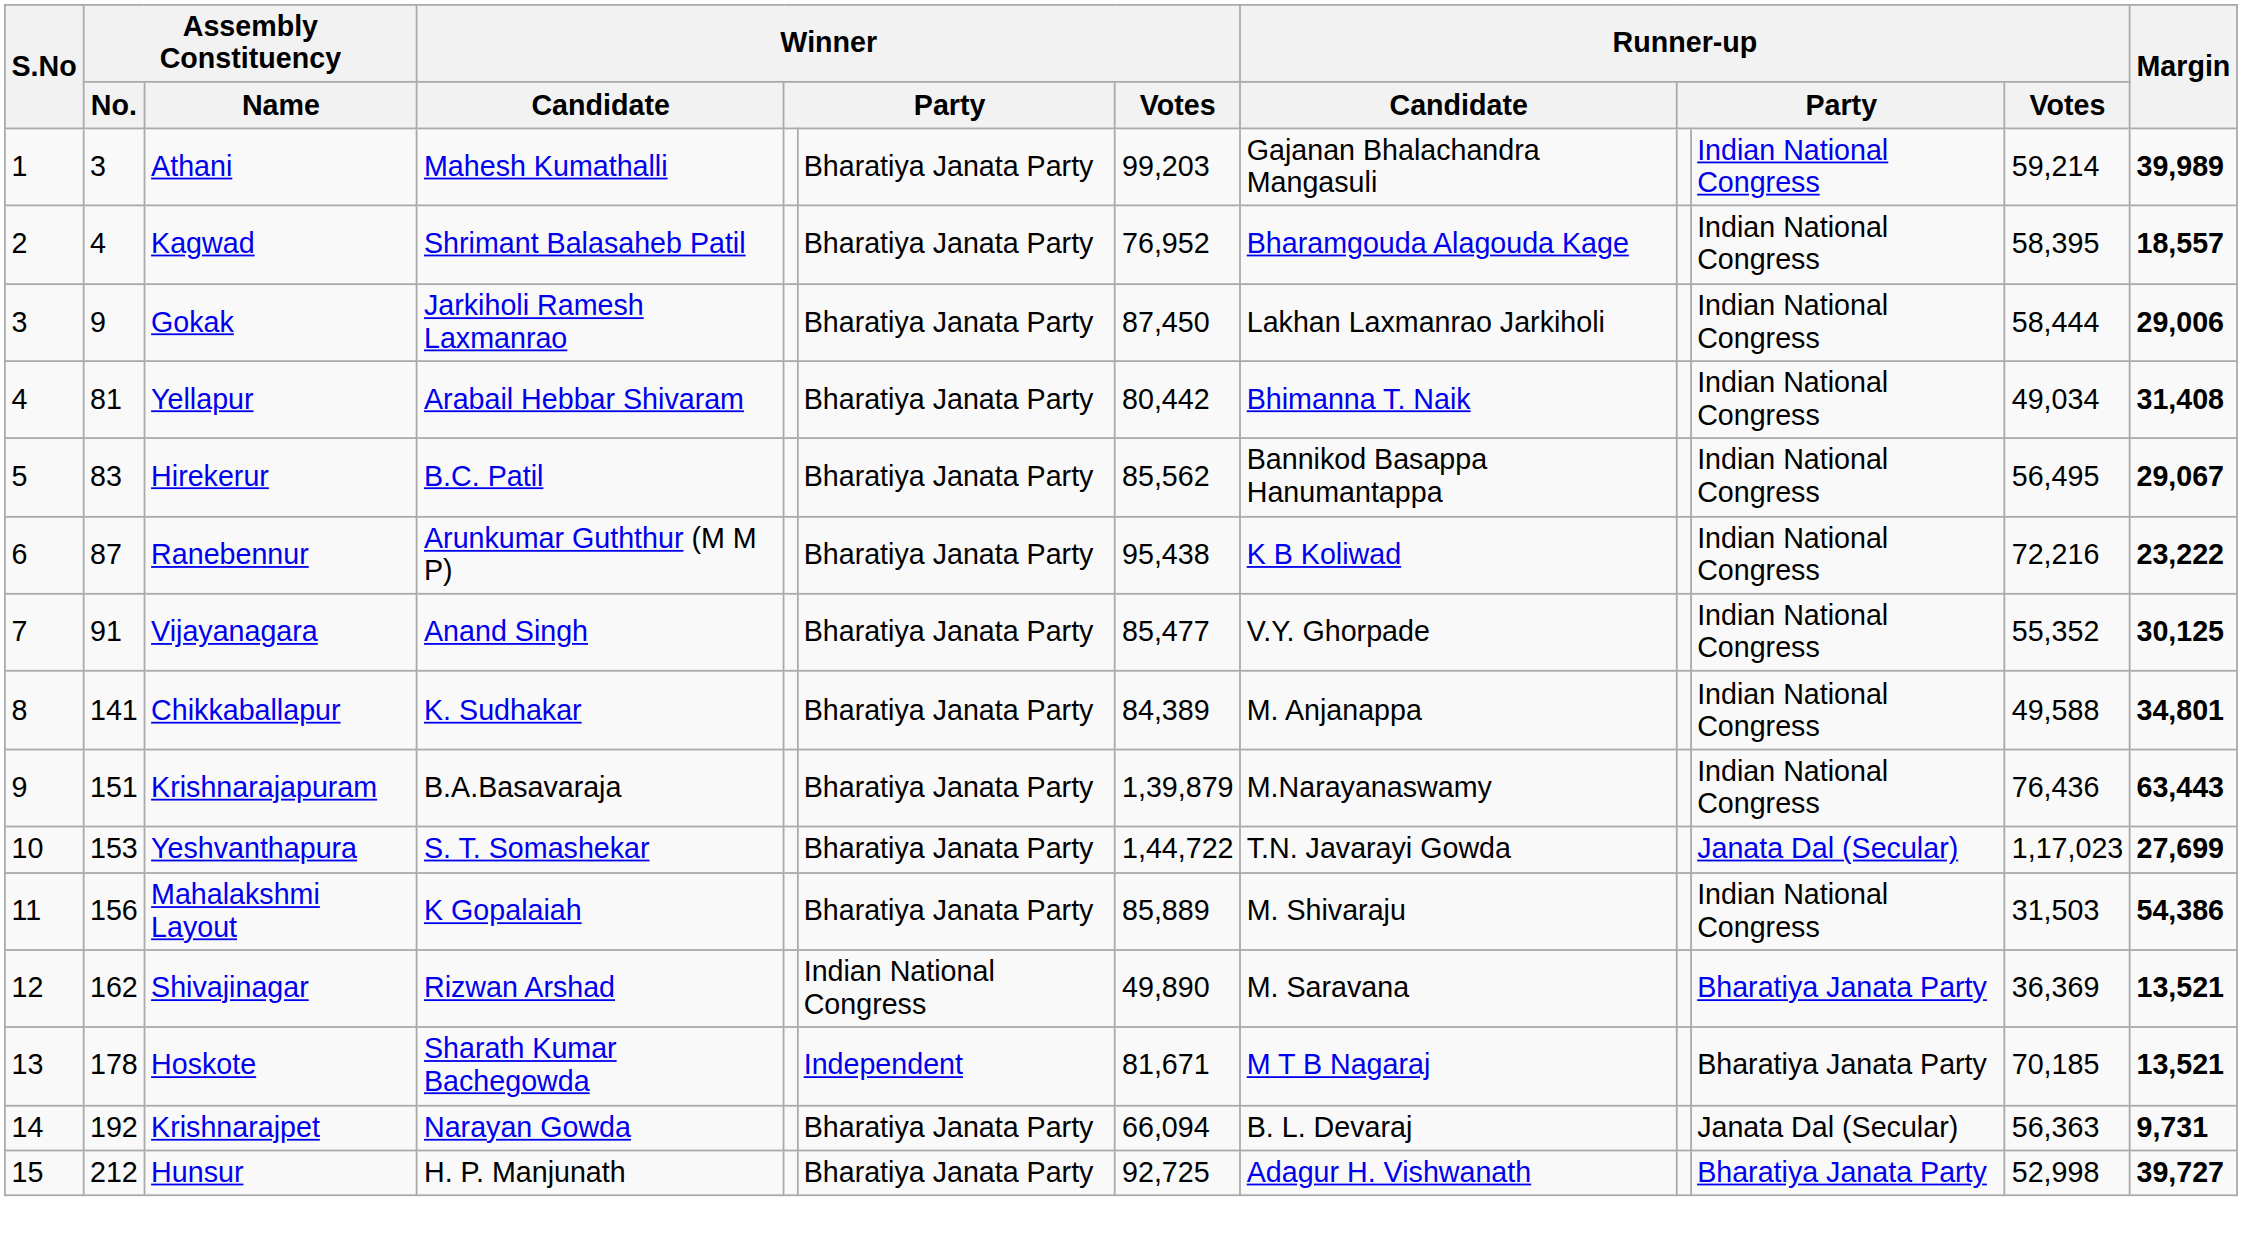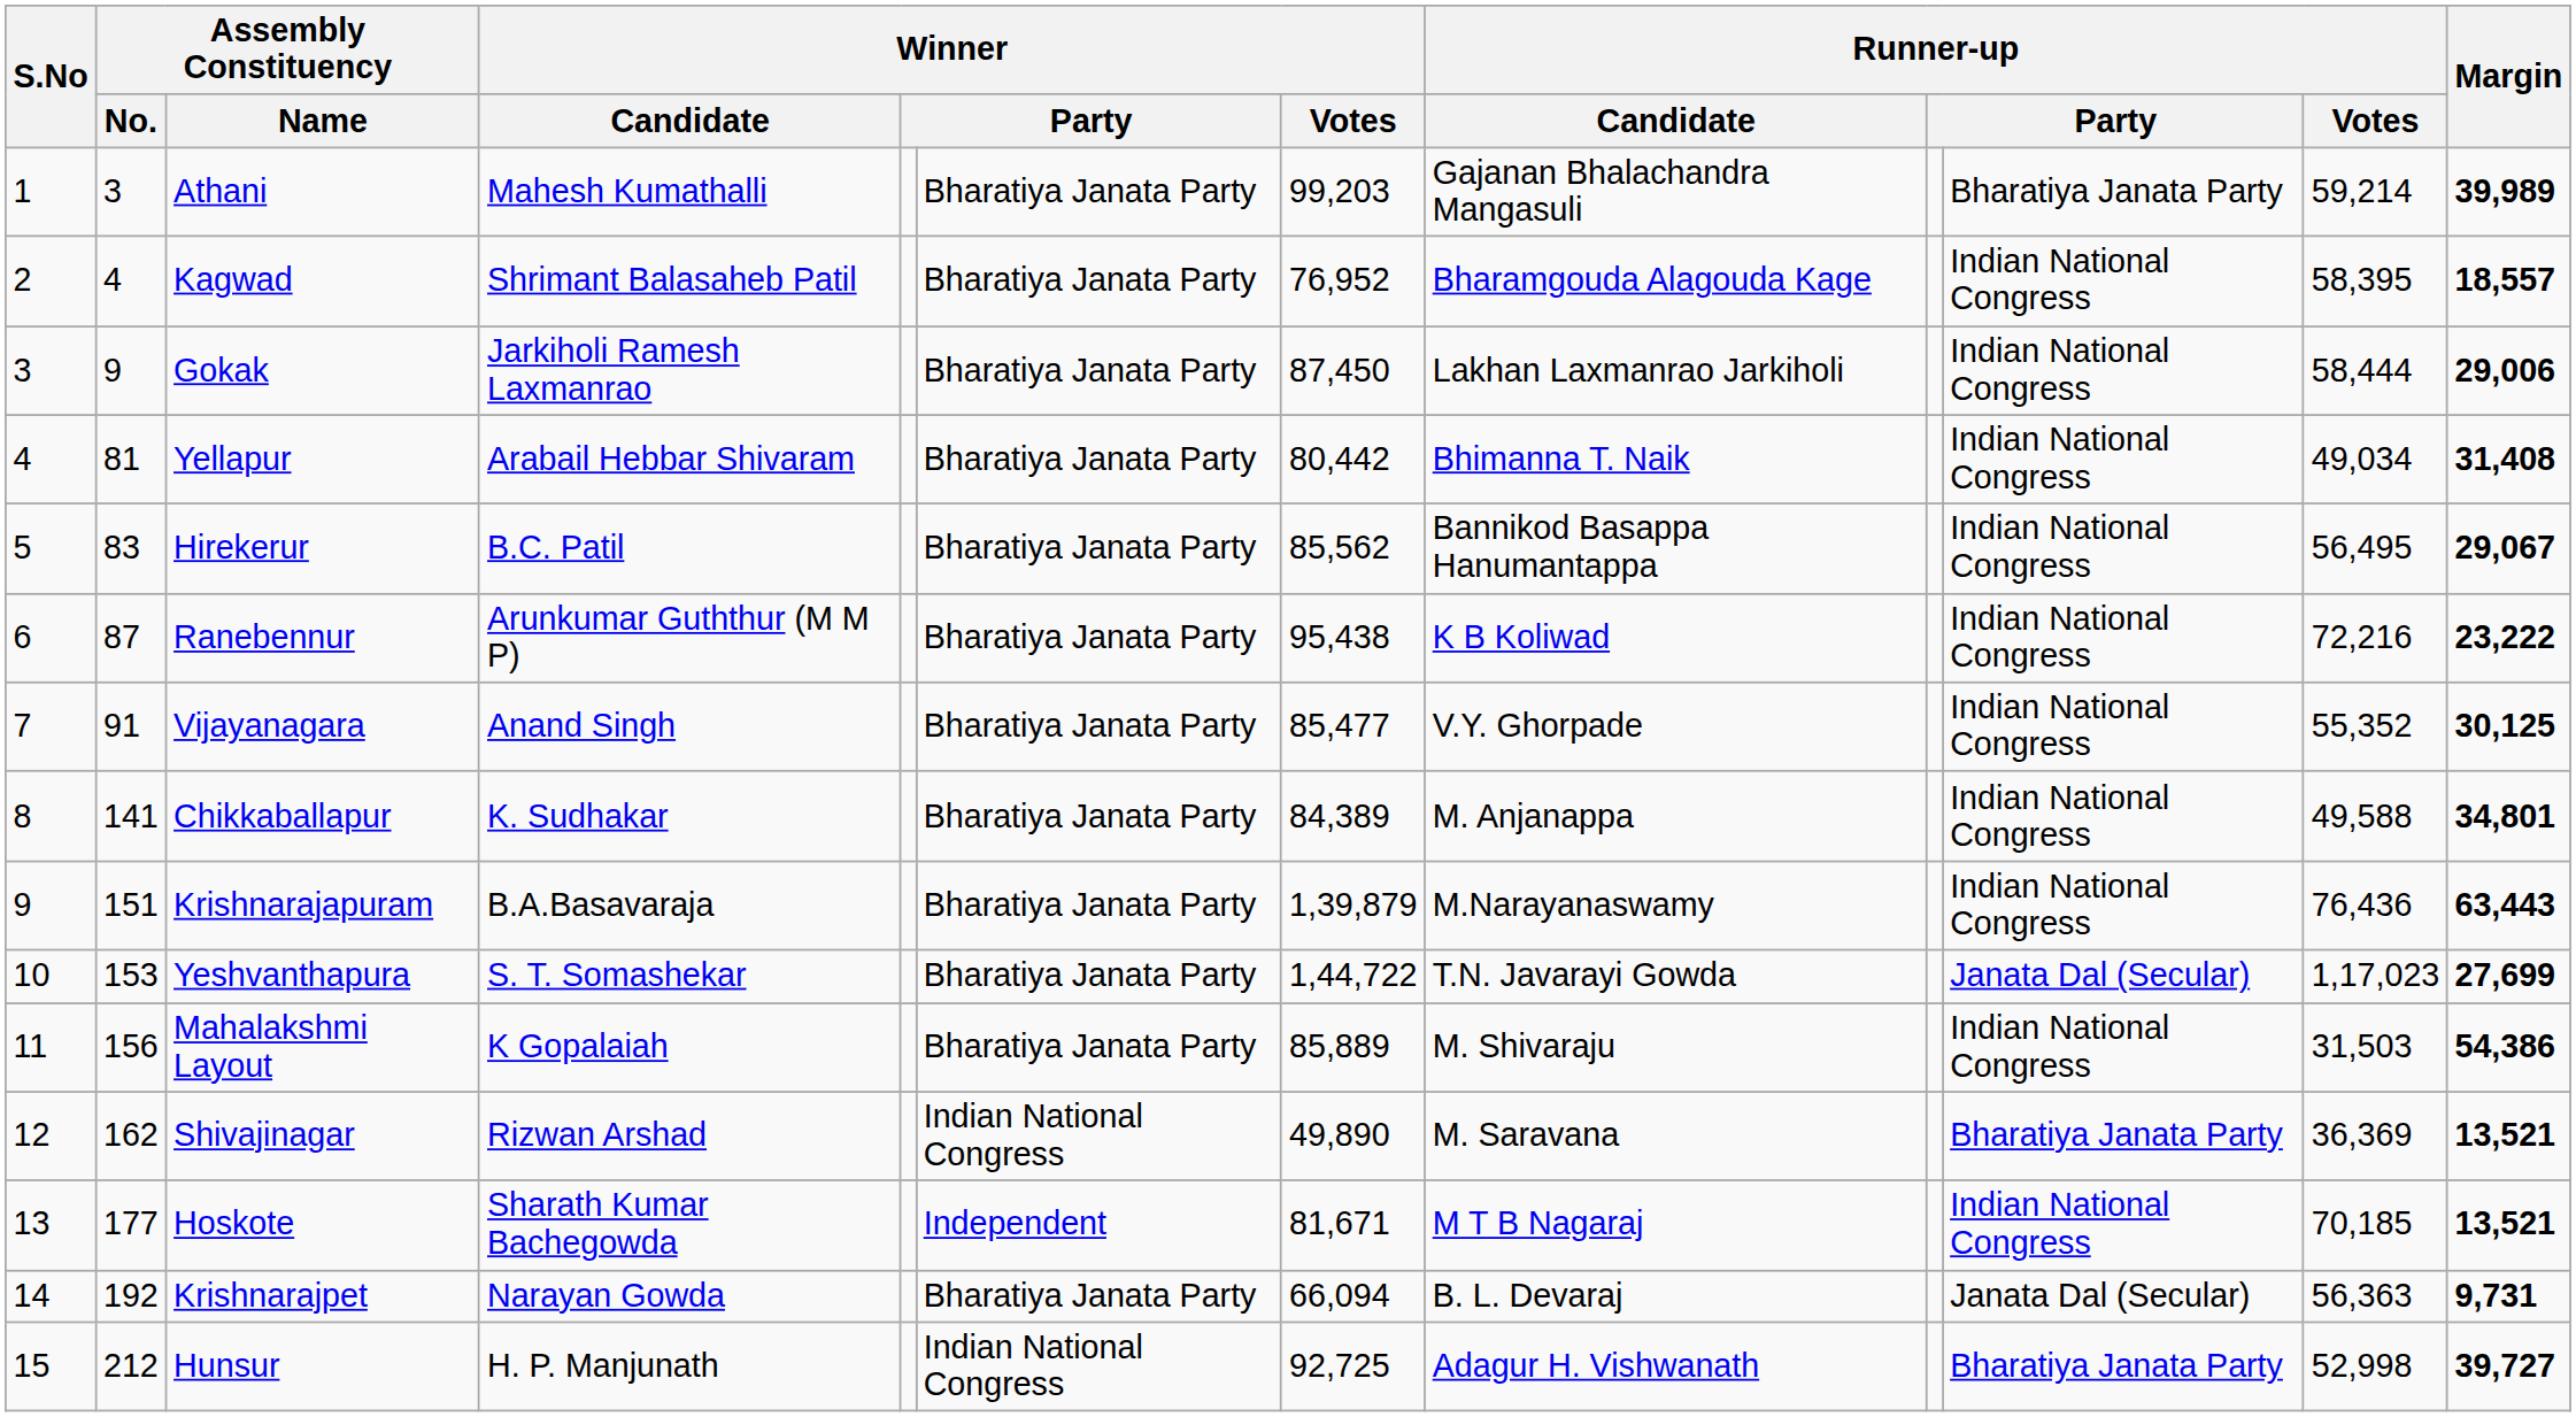 <table class="wikitable sortable">
 <tr>
 <th rowspan="2">S.No</th>
 <th colspan="2">Assembly Constituency</th>
 <th colspan="4">Winner</th>
 <th colspan="4">Runner-up</th>
 <th rowspan="2">Margin</th>
 </tr>
 <tr>
 <th>No.</th>
 <th>Name</th>
 <th>Candidate</th>
 <th colspan="2">Party</th>
 <th>Votes</th>
 <th>Candidate</th>
 <th colspan="2">Party</th>
 <th>Votes</th>
 </tr>
 <tr>
 <td>1</td>
 <td>3</td>
 <td><a href='#'>Athani</a></td>
 <td><a href='#'>Mahesh Kumathalli</a></td>
 <td></td>
 <td>Bharatiya Janata Party</td>
 <td>99,203</td>
 <td>Gajanan Bhalachandra Mangasuli</td>
 <td></td>
-<td><a href='#'>Indian National Congress</a></td>
+<td>Bharatiya Janata Party</td>
 <td>59,214</td>
 <td style="background:"><span><strong>39,989</strong></span></td>
 </tr>
 <tr>
 <td>2</td>
 <td>4</td>
 <td><a href='#'>Kagwad</a></td>
 <td><a href='#'>Shrimant Balasaheb Patil</a></td>
 <td></td>
 <td>Bharatiya Janata Party</td>
 <td>76,952</td>
 <td><a href='#'>Bharamgouda Alagouda Kage</a></td>
 <td></td>
 <td>Indian National Congress</td>
 <td>58,395</td>
 <td style="background:"><span><strong>18,557</strong></span></td>
 </tr>
 <tr>
 <td>3</td>
 <td>9</td>
 <td><a href='#'>Gokak</a></td>
 <td><a href='#'>Jarkiholi Ramesh Laxmanrao</a></td>
 <td></td>
 <td>Bharatiya Janata Party</td>
 <td>87,450</td>
 <td>Lakhan Laxmanrao Jarkiholi</td>
 <td></td>
 <td>Indian National Congress</td>
 <td>58,444</td>
 <td style="background:"><span><strong>29,006</strong></span></td>
 </tr>
 <tr>
 <td>4</td>
 <td>81</td>
 <td><a href='#'>Yellapur</a></td>
 <td><a href='#'>Arabail Hebbar Shivaram</a></td>
 <td></td>
 <td>Bharatiya Janata Party</td>
 <td>80,442</td>
 <td><a href='#'>Bhimanna T. Naik</a></td>
 <td></td>
 <td>Indian National Congress</td>
 <td>49,034</td>
 <td style="background:"><span><strong>31,408</strong></span></td>
 </tr>
 <tr>
 <td>5</td>
 <td>83</td>
 <td><a href='#'>Hirekerur</a></td>
 <td><a href='#'>B.C. Patil</a></td>
 <td></td>
 <td>Bharatiya Janata Party</td>
 <td>85,562</td>
 <td>Bannikod Basappa Hanumantappa</td>
 <td></td>
 <td>Indian National Congress</td>
 <td>56,495</td>
 <td style="background:"><span><strong>29,067</strong></span></td>
 </tr>
 <tr>
 <td>6</td>
 <td>87</td>
 <td><a href='#'>Ranebennur</a></td>
 <td><a href='#'>Arunkumar Guththur</a> (M M P)</td>
 <td></td>
 <td>Bharatiya Janata Party</td>
 <td>95,438</td>
 <td><a href='#'>K B Koliwad</a></td>
 <td></td>
 <td>Indian National Congress</td>
 <td>72,216</td>
 <td style="background:"><span><strong>23,222</strong></span></td>
 </tr>
 <tr>
 <td>7</td>
 <td>91</td>
 <td><a href='#'>Vijayanagara</a></td>
 <td><a href='#'>Anand Singh</a></td>
 <td></td>
 <td>Bharatiya Janata Party</td>
 <td>85,477</td>
 <td>V.Y. Ghorpade</td>
 <td></td>
 <td>Indian National Congress</td>
 <td>55,352</td>
 <td style="background:"><span><strong>30,125</strong></span></td>
 </tr>
 <tr>
 <td>8</td>
 <td>141</td>
 <td><a href='#'>Chikkaballapur</a></td>
 <td><a href='#'>K. Sudhakar</a></td>
 <td></td>
 <td>Bharatiya Janata Party</td>
 <td>84,389</td>
 <td>M. Anjanappa</td>
 <td></td>
 <td>Indian National Congress</td>
 <td>49,588</td>
 <td style="background:"><span><strong>34,801</strong></span></td>
 </tr>
 <tr>
 <td>9</td>
 <td>151</td>
 <td><a href='#'>Krishnarajapuram</a></td>
 <td>B.A.Basavaraja</td>
 <td></td>
 <td>Bharatiya Janata Party</td>
 <td>1,39,879</td>
 <td>M.Narayanaswamy</td>
 <td></td>
 <td>Indian National Congress</td>
 <td>76,436</td>
 <td style="background:"><span><strong>63,443</strong></span></td>
 </tr>
 <tr>
 <td>10</td>
 <td>153</td>
 <td><a href='#'>Yeshvanthapura</a></td>
 <td><a href='#'>S. T. Somashekar</a></td>
 <td></td>
 <td>Bharatiya Janata Party</td>
 <td>1,44,722</td>
 <td>T.N. Javarayi Gowda</td>
 <td></td>
 <td><a href='#'>Janata Dal (Secular)</a></td>
 <td>1,17,023</td>
 <td style="background:"><span><strong>27,699</strong></span></td>
 </tr>
 <tr>
 <td>11</td>
 <td>156</td>
 <td><a href='#'>Mahalakshmi Layout</a></td>
 <td><a href='#'>K Gopalaiah</a></td>
 <td></td>
 <td>Bharatiya Janata Party</td>
 <td>85,889</td>
 <td>M. Shivaraju</td>
 <td></td>
 <td>Indian National Congress</td>
 <td>31,503</td>
 <td style="background:"><span><strong>54,386</strong></span></td>
 </tr>
 <tr>
 <td>12</td>
 <td>162</td>
 <td><a href='#'>Shivajinagar</a></td>
 <td><a href='#'>Rizwan Arshad</a></td>
 <td></td>
 <td>Indian National Congress</td>
 <td>49,890</td>
 <td>M. Saravana</td>
 <td></td>
 <td><a href='#'>Bharatiya Janata Party</a></td>
 <td>36,369</td>
 <td style="background:"><span><strong>13,521</strong></span></td>
 </tr>
 <tr>
 <td>13</td>
-<td>178</td>
+<td>177</td>
 <td><a href='#'>Hoskote</a></td>
 <td><a href='#'>Sharath Kumar Bachegowda</a></td>
 <td></td>
 <td><a href='#'>Independent</a></td>
 <td>81,671</td>
 <td><a href='#'>M T B Nagaraj</a></td>
 <td></td>
-<td>Bharatiya Janata Party</td>
+<td><a href='#'>Indian National Congress</a></td>
 <td>70,185</td>
 <td style="background:"><span><strong>13,521</strong></span></td>
 </tr>
 <tr>
 <td>14</td>
 <td>192</td>
 <td><a href='#'>Krishnarajpet</a></td>
 <td><a href='#'>Narayan Gowda</a></td>
 <td></td>
 <td>Bharatiya Janata Party</td>
 <td>66,094</td>
 <td>B. L. Devaraj</td>
 <td></td>
 <td>Janata Dal (Secular)</td>
 <td>56,363</td>
 <td style="background:"><span><strong>9,731</strong></span></td>
 </tr>
 <tr>
 <td>15</td>
 <td>212</td>
 <td><a href='#'>Hunsur</a></td>
 <td>H. P. Manjunath</td>
 <td></td>
-<td>Bharatiya Janata Party</td>
+<td>Indian National Congress</td>
 <td>92,725</td>
 <td><a href='#'>Adagur H. Vishwanath</a></td>
 <td></td>
 <td><a href='#'>Bharatiya Janata Party</a></td>
 <td>52,998</td>
 <td style="background:"><span><strong>39,727</strong></span></td>
 </tr>
 </table>
